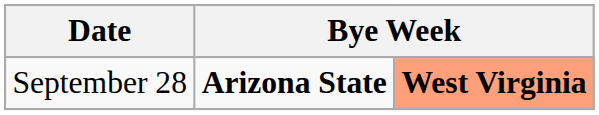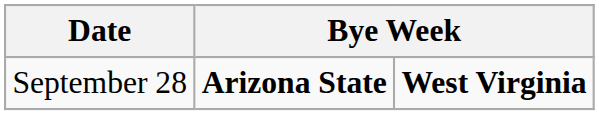 <table class="wikitable" style="font-size:95%;">
 <tr>
 <th>Date</th>
 <th colspan="2">Bye Week</th>
 </tr>
 <tr>
 <td>September 28</td>
 <td><strong>Arizona State</strong></td>
-<td style="background: lightsalmon;"><strong>West Virginia</strong></td>
+<td><strong>West Virginia</strong></td>
 </tr>
 </table>
